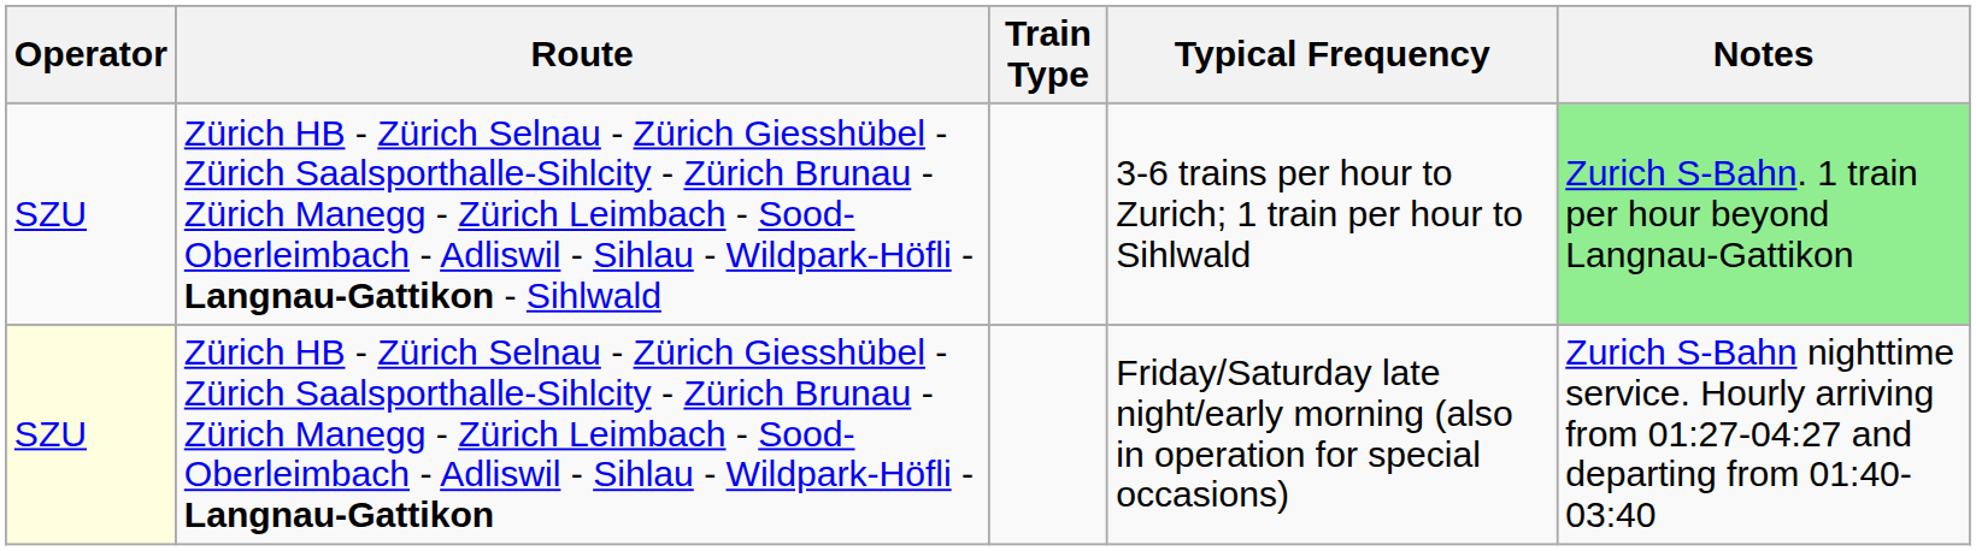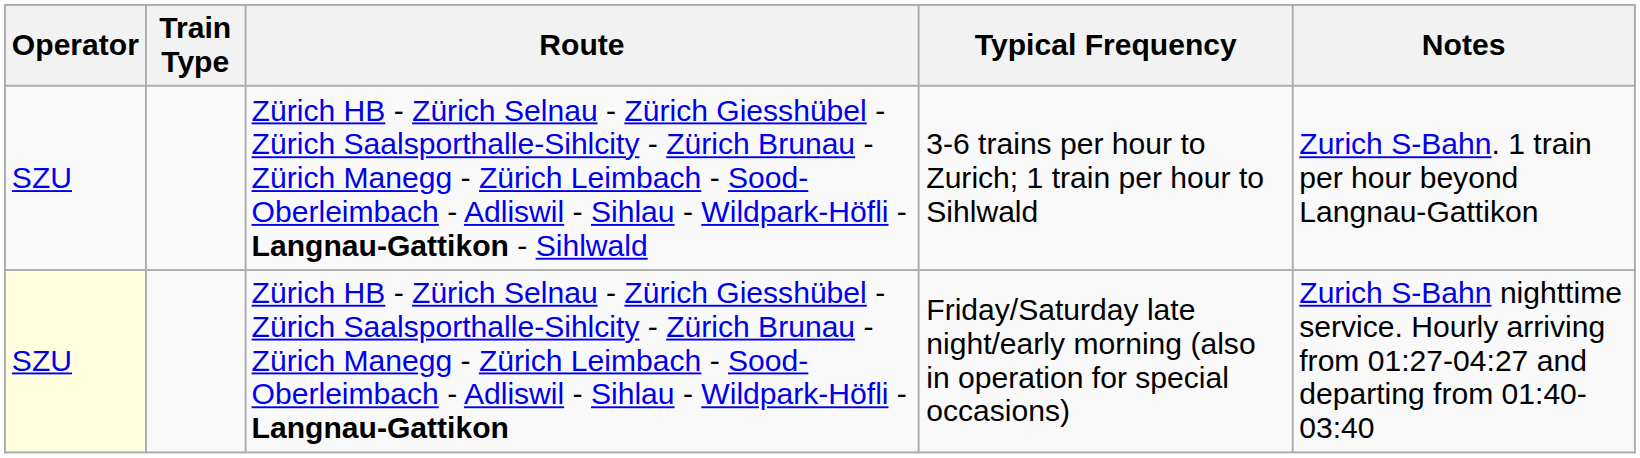 <table class="wikitable vatop">
 <tr>
 <th>Operator</th>
+<th>Train Type</th>
 <th>Route</th>
-<th>Train Type</th>
 <th>Typical Frequency</th>
 <th>Notes</th>
 </tr>
 <tr>
 <td><a href='#'>SZU</a></td>
+<td></td>
 <td><a href='#'>Zürich HB</a> - <a href='#'>Zürich Selnau</a> - <a href='#'>Zürich Giesshübel</a> - <a href='#'>Zürich Saalsporthalle-Sihlcity</a> - <a href='#'>Zürich Brunau</a> - <a href='#'>Zürich Manegg</a> - <a href='#'>Zürich Leimbach</a> - <a href='#'>Sood-Oberleimbach</a> - <a href='#'>Adliswil</a> - <a href='#'>Sihlau</a> - <a href='#'>Wildpark-Höfli</a> - <strong>Langnau-Gattikon</strong> - <a href='#'>Sihlwald</a></td>
-<td></td>
 <td>3-6 trains per hour to Zurich; 1 train per hour to Sihlwald</td>
-<td Part of style="background: lightgreen;"><a href='#'>Zurich S-Bahn</a>. 1 train per hour beyond Langnau-Gattikon</td>
+<td Part of><a href='#'>Zurich S-Bahn</a>. 1 train per hour beyond Langnau-Gattikon</td>
 </tr>
 <tr>
 <td style="background: lightyellow;"><a href='#'>SZU</a></td>
+<td></td>
 <td><a href='#'>Zürich HB</a> - <a href='#'>Zürich Selnau</a> - <a href='#'>Zürich Giesshübel</a> - <a href='#'>Zürich Saalsporthalle-Sihlcity</a> - <a href='#'>Zürich Brunau</a> - <a href='#'>Zürich Manegg</a> - <a href='#'>Zürich Leimbach</a> - <a href='#'>Sood-Oberleimbach</a> - <a href='#'>Adliswil</a> - <a href='#'>Sihlau</a> - <a href='#'>Wildpark-Höfli</a> - <strong>Langnau-Gattikon</strong></td>
-<td></td>
 <td>Friday/Saturday late night/early morning  (also in operation for special occasions)</td>
 <td><a href='#'>Zurich S-Bahn</a> nighttime service. Hourly arriving from 01:27-04:27 and departing from 01:40-03:40</td>
 </tr>
 </table>
